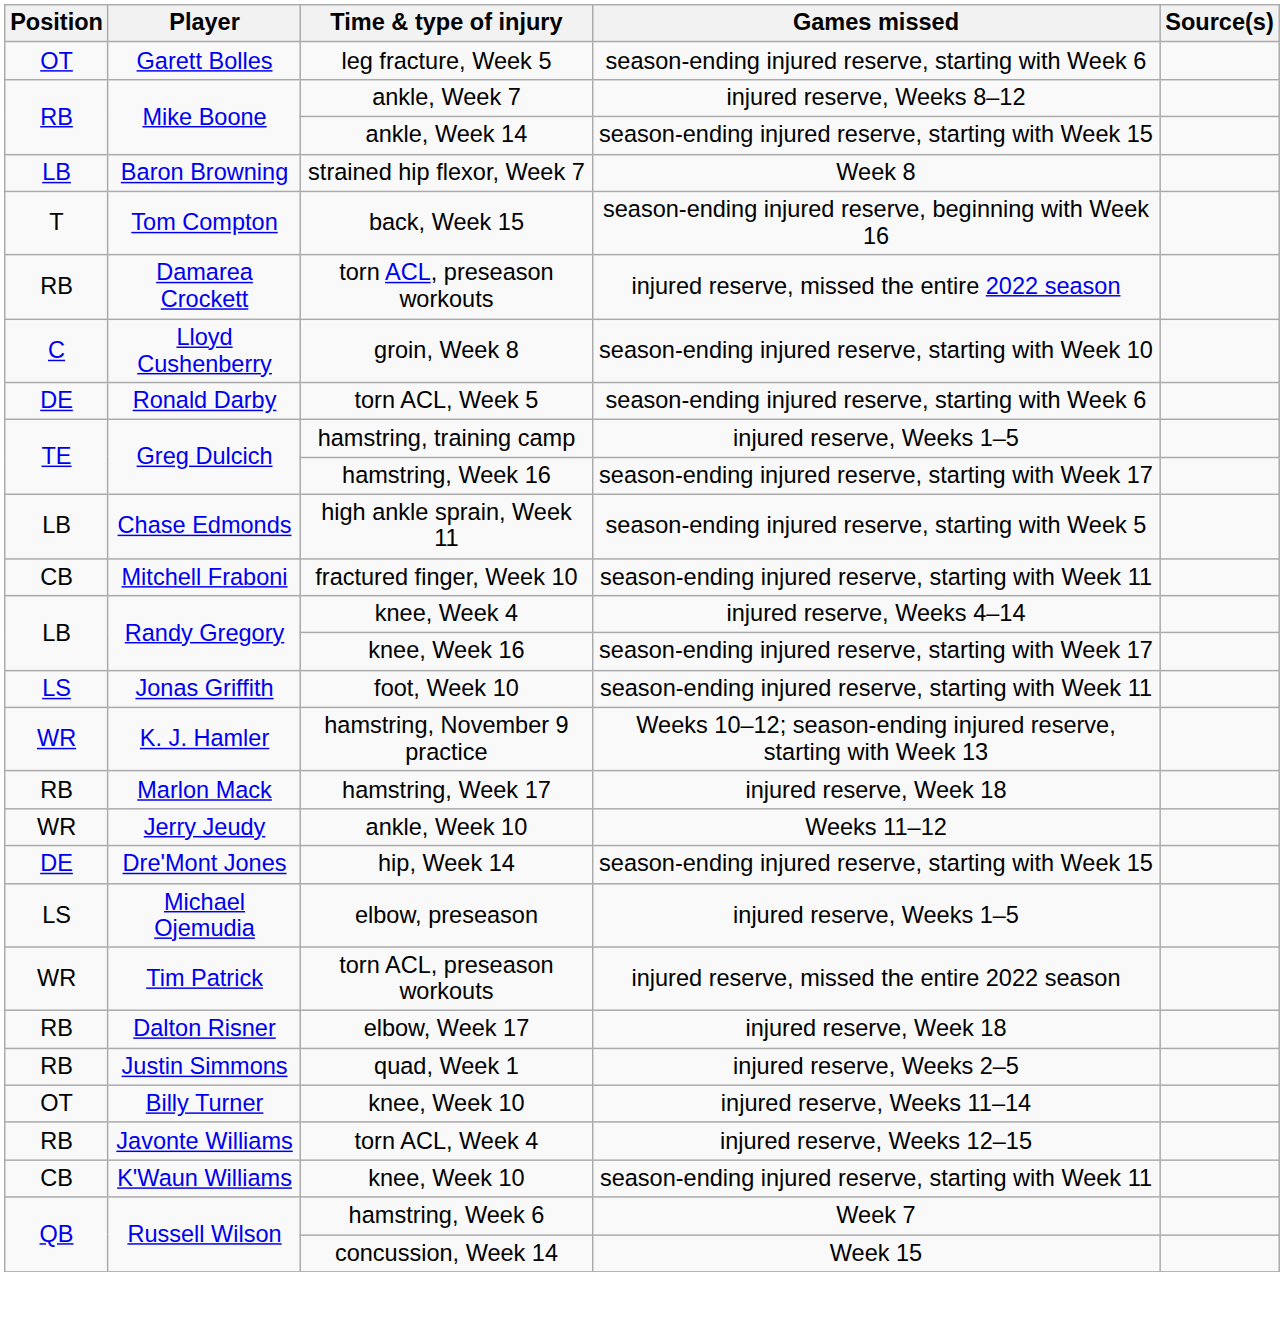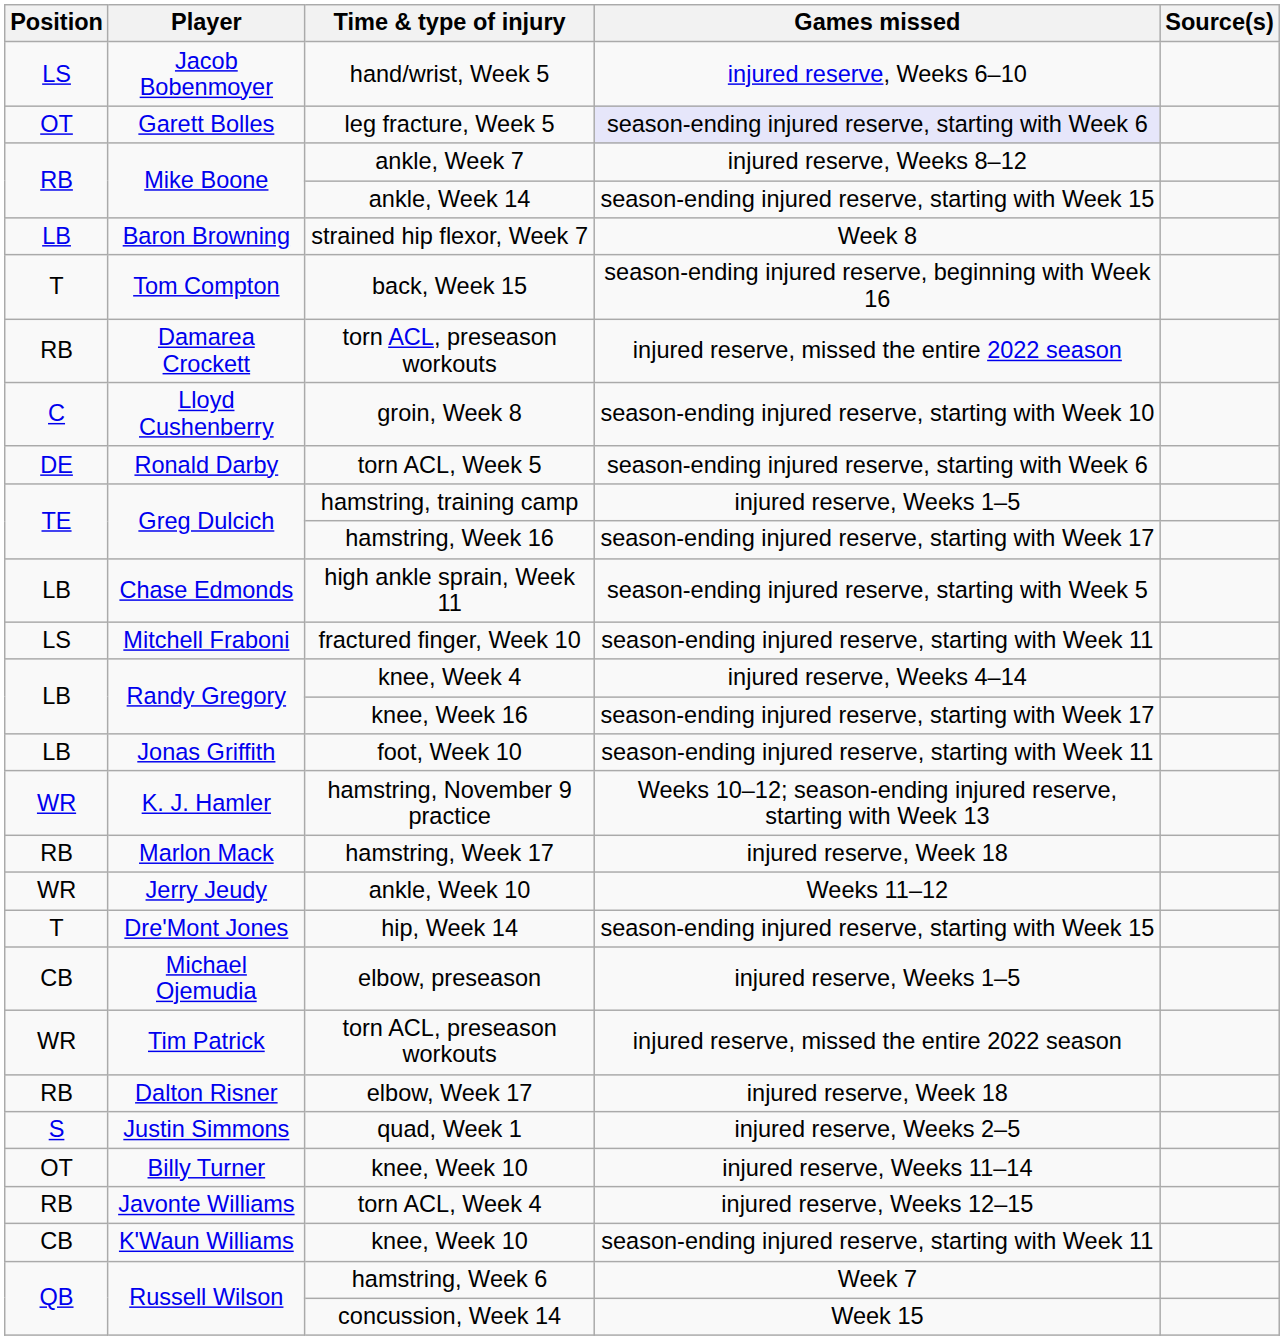 <table class="wikitable" style="text-align:center">
 <tr>
 <th>Position</th>
 <th>Player</th>
 <th>Time & type of injury</th>
 <th>Games missed</th>
 <th>Source(s)</th>
 </tr>
 <tr>
+<td><a href='#'>LS</a></td>
+<td><a href='#'>Jacob Bobenmoyer</a></td>
+<td>hand/wrist, Week 5</td>
+<td><a href='#'>injured reserve</a>, Weeks 6–10</td>
+<td></td>
+</tr>
+<tr>
 <td><a href='#'>OT</a></td>
 <td><a href='#'>Garett Bolles</a></td>
 <td>leg fracture, Week 5</td>
-<td>season-ending injured reserve, starting with Week 6</td>
+<td style="background: lavender;">season-ending injured reserve, starting with Week 6</td>
 <td></td>
 </tr>
 <tr>
 <td rowspan=2><a href='#'>RB</a></td>
 <td rowspan=2><a href='#'>Mike Boone</a></td>
 <td>ankle, Week 7</td>
 <td>injured reserve, Weeks 8–12</td>
 <td></td>
 </tr>
 <tr>
 <td>ankle, Week 14</td>
 <td>season-ending injured reserve, starting with Week 15</td>
 <td></td>
 </tr>
 <tr>
 <td><a href='#'>LB</a></td>
 <td><a href='#'>Baron Browning</a></td>
 <td>strained hip flexor, Week 7</td>
 <td>Week 8</td>
 <td></td>
 </tr>
 <tr>
 <td>T</td>
 <td><a href='#'>Tom Compton</a></td>
 <td>back, Week 15</td>
 <td>season-ending injured reserve, beginning with Week 16</td>
 <td></td>
 </tr>
 <tr>
 <td>RB</td>
 <td><a href='#'>Damarea Crockett</a></td>
 <td>torn <a href='#'>ACL</a>, preseason workouts</td>
 <td>injured reserve, missed the entire <a href='#'>2022 season</a></td>
 <td></td>
 </tr>
 <tr>
 <td><a href='#'>C</a></td>
 <td><a href='#'>Lloyd Cushenberry</a></td>
 <td>groin, Week 8</td>
 <td>season-ending injured reserve, starting with Week 10</td>
 <td></td>
 </tr>
 <tr>
 <td><a href='#'>DE</a></td>
 <td><a href='#'>Ronald Darby</a></td>
 <td>torn ACL, Week 5</td>
 <td>season-ending injured reserve, starting with Week 6</td>
 <td></td>
 </tr>
 <tr>
 <td rowspan=2><a href='#'>TE</a></td>
 <td rowspan=2><a href='#'>Greg Dulcich</a></td>
 <td>hamstring, training camp</td>
 <td>injured reserve, Weeks 1–5</td>
 <td></td>
 </tr>
 <tr>
 <td>hamstring, Week 16</td>
 <td>season-ending injured reserve, starting with Week 17</td>
 <td></td>
 </tr>
 <tr>
 <td>LB</td>
 <td><a href='#'>Chase Edmonds</a></td>
 <td>high ankle sprain, Week 11</td>
 <td>season-ending injured reserve, starting with Week 5</td>
 <td></td>
 </tr>
 <tr>
-<td>CB</td>
+<td>LS</td>
 <td><a href='#'>Mitchell Fraboni</a></td>
 <td>fractured finger, Week 10</td>
 <td>season-ending injured reserve, starting with Week 11</td>
 <td></td>
 </tr>
 <tr>
 <td rowspan=2>LB</td>
 <td rowspan=2><a href='#'>Randy Gregory</a></td>
 <td>knee, Week 4</td>
 <td>injured reserve, Weeks 4–14</td>
 <td></td>
 </tr>
 <tr>
 <td>knee, Week 16</td>
 <td>season-ending injured reserve, starting with Week 17</td>
 <td></td>
 </tr>
 <tr>
-<td><a href='#'>LS</a></td>
+<td>LB</td>
 <td><a href='#'>Jonas Griffith</a></td>
 <td>foot, Week 10</td>
 <td>season-ending injured reserve, starting with Week 11</td>
 <td></td>
 </tr>
 <tr>
 <td><a href='#'>WR</a></td>
 <td><a href='#'>K. J. Hamler</a></td>
 <td>hamstring, November 9 practice</td>
 <td>Weeks 10–12; season-ending injured reserve, starting with Week 13</td>
 <td></td>
 </tr>
 <tr>
 <td>RB</td>
 <td><a href='#'>Marlon Mack</a></td>
 <td>hamstring, Week 17</td>
 <td>injured reserve, Week 18</td>
 <td></td>
 </tr>
 <tr>
 <td>WR</td>
 <td><a href='#'>Jerry Jeudy</a></td>
 <td>ankle, Week 10</td>
 <td>Weeks 11–12</td>
 <td></td>
 </tr>
 <tr>
-<td><a href='#'>DE</a></td>
+<td>T</td>
 <td><a href='#'>Dre'Mont Jones</a></td>
 <td>hip, Week 14</td>
 <td>season-ending injured reserve, starting with Week 15</td>
 <td></td>
 </tr>
 <tr>
-<td>LS</td>
+<td>CB</td>
 <td><a href='#'>Michael Ojemudia</a></td>
 <td>elbow, preseason</td>
 <td>injured reserve, Weeks 1–5</td>
 <td></td>
 </tr>
 <tr>
 <td>WR</td>
 <td><a href='#'>Tim Patrick</a></td>
 <td>torn ACL, preseason workouts</td>
 <td>injured reserve, missed the entire 2022 season</td>
 <td></td>
 </tr>
 <tr>
 <td>RB</td>
 <td><a href='#'>Dalton Risner</a></td>
 <td>elbow, Week 17</td>
 <td>injured reserve, Week 18</td>
 <td></td>
 </tr>
 <tr>
-<td>RB</td>
+<td><a href='#'>S</a></td>
 <td><a href='#'>Justin Simmons</a></td>
 <td>quad, Week 1</td>
 <td>injured reserve, Weeks 2–5</td>
 <td></td>
 </tr>
 <tr>
 <td>OT</td>
 <td><a href='#'>Billy Turner</a></td>
 <td>knee, Week 10</td>
 <td>injured reserve, Weeks 11–14</td>
 <td></td>
 </tr>
 <tr>
 <td>RB</td>
 <td><a href='#'>Javonte Williams</a></td>
 <td>torn ACL, Week 4</td>
 <td>injured reserve, Weeks 12–15</td>
 <td></td>
 </tr>
 <tr>
 <td>CB</td>
 <td><a href='#'>K'Waun Williams</a></td>
 <td>knee, Week 10</td>
 <td>season-ending injured reserve, starting with Week 11</td>
 <td></td>
 </tr>
 <tr>
 <td rowspan=2><a href='#'>QB</a></td>
 <td rowspan=2><a href='#'>Russell Wilson</a></td>
 <td>hamstring, Week 6</td>
 <td>Week 7</td>
 <td></td>
 </tr>
 <tr>
 <td>concussion, Week 14</td>
 <td>Week 15</td>
 <td></td>
 </tr>
 </table>
